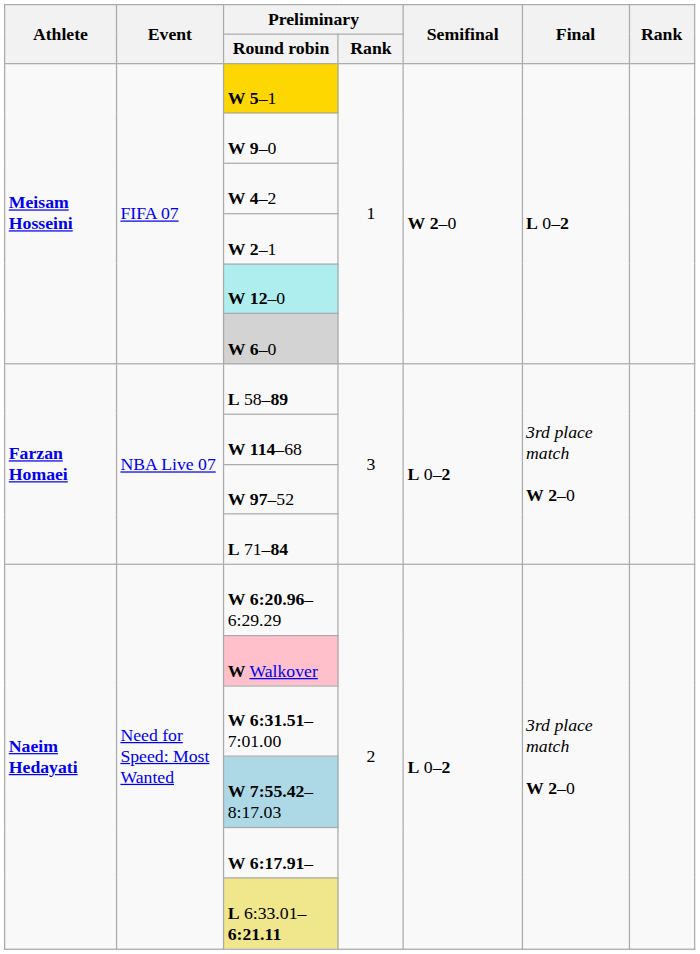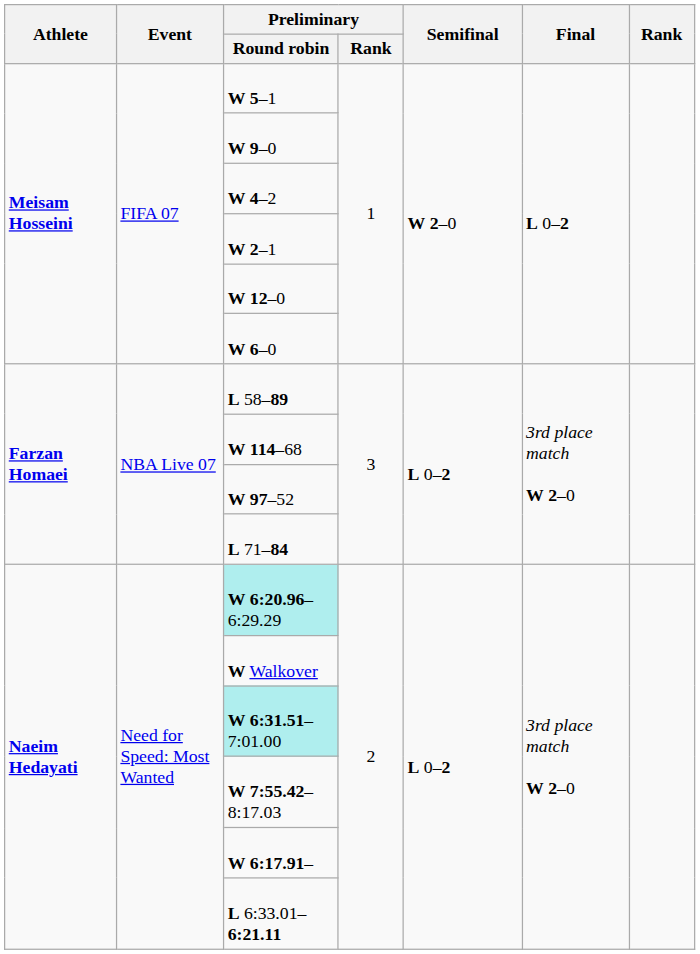 <table class="wikitable" width="90%" style="text-align:left; font-size:90%">
 <tr>
 <th rowspan="2" width="9%">Athlete</th>
 <th rowspan="2" width="10%">Event</th>
 <th colspan="2" width="14%">Preliminary</th>
 <th rowspan="2" width="10%">Semifinal</th>
 <th rowspan="2" width="10%">Final</th>
 <th rowspan="2" width="4%">Rank</th>
 </tr>
 <tr>
 <th width="10%">Round robin</th>
 <th>Rank</th>
 </tr>
 <tr>
 <td rowspan="6"><strong><a href='#'>Meisam Hosseini</a></strong></td>
 <td rowspan="6"><a href='#'>FIFA 07</a></td>
-<td style="background: gold;"><br><strong>W</strong> <strong>5</strong>–1</td>
+<td><br><strong>W</strong> <strong>5</strong>–1</td>
 <td rowspan="6" align=center>1 <strong></strong></td>
 <td rowspan="6"><br><strong>W</strong> <strong>2</strong>–0</td>
 <td rowspan="6"><br><strong>L</strong> 0–<strong>2</strong></td>
 <td rowspan="6" align=center></td>
 </tr>
 <tr>
 <td><br><strong>W</strong> <strong>9</strong>–0</td>
 </tr>
 <tr>
 <td><br><strong>W</strong> <strong>4</strong>–2</td>
 </tr>
 <tr>
 <td><br><strong>W</strong> <strong>2</strong>–1</td>
 </tr>
 <tr>
-<td style="background: paleturquoise;"><br><strong>W</strong> <strong>12</strong>–0</td>
+<td><br><strong>W</strong> <strong>12</strong>–0</td>
 </tr>
 <tr>
-<td style="background: lightgrey;"><br><strong>W</strong> <strong>6</strong>–0</td>
+<td><br><strong>W</strong> <strong>6</strong>–0</td>
 </tr>
 <tr>
 <td rowspan="4"><strong><a href='#'>Farzan Homaei</a></strong></td>
 <td rowspan="4"><a href='#'>NBA Live 07</a></td>
 <td><br><strong>L</strong> 58–<strong>89</strong></td>
 <td rowspan="4" align=center>3 <strong></strong></td>
 <td rowspan="4"><br><strong>L</strong> 0–<strong>2</strong></td>
 <td rowspan="4"><em>3rd place match</em><br><br><strong>W</strong> <strong>2</strong>–0</td>
 <td rowspan="4" align=center></td>
 </tr>
 <tr>
 <td><br><strong>W</strong> <strong>114</strong>–68</td>
 </tr>
 <tr>
 <td><br><strong>W</strong> <strong>97</strong>–52</td>
 </tr>
 <tr>
 <td><br><strong>L</strong> 71–<strong>84</strong></td>
 </tr>
 <tr>
 <td rowspan="6"><strong><a href='#'>Naeim Hedayati</a></strong></td>
 <td rowspan="6"><a href='#'>Need for Speed: Most Wanted</a></td>
-<td><br><strong>W</strong> <strong>6:20.96</strong>–6:29.29</td>
+<td style="background: paleturquoise;"><br><strong>W</strong> <strong>6:20.96</strong>–6:29.29</td>
 <td rowspan="6" align=center>2 <strong></strong></td>
 <td rowspan="6"><br><strong>L</strong> 0–<strong>2</strong></td>
 <td rowspan="6"><em>3rd place match</em><br><br><strong>W</strong> <strong>2</strong>–0</td>
 <td rowspan="6" align=center></td>
 </tr>
 <tr>
-<td style="background: pink;"><br><strong>W</strong> <a href='#'>Walkover</a></td>
+<td><br><strong>W</strong> <a href='#'>Walkover</a></td>
 </tr>
 <tr>
-<td><br><strong>W</strong> <strong>6:31.51</strong>–7:01.00</td>
+<td style="background: paleturquoise;"><br><strong>W</strong> <strong>6:31.51</strong>–7:01.00</td>
 </tr>
 <tr>
-<td style="background: lightblue;"><br><strong>W</strong> <strong>7:55.42</strong>–8:17.03</td>
+<td><br><strong>W</strong> <strong>7:55.42</strong>–8:17.03</td>
 </tr>
 <tr>
 <td><br><strong>W</strong> <strong>6:17.91</strong>–</td>
 </tr>
 <tr>
-<td style="background: khaki;"><br><strong>L</strong> 6:33.01–<strong>6:21.11</strong></td>
+<td><br><strong>L</strong> 6:33.01–<strong>6:21.11</strong></td>
 </tr>
 </table>
